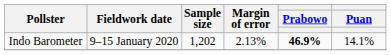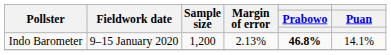 <table class="wikitable" style="text-align:center; font-size:90%; line-height:14px;">
 <tr bgcolor=lightgray>
 <th style="width:95px;" rowspan="3">Pollster</th>
 <th style="width:110px;" rowspan="3">Fieldwork date</th>
 <th style="width:35px;" rowspan="3">Sample size</th>
 <th rowspan="3" style="width:60px;">Margin of error</th>
 <th style="width:60px;"></th>
 <th style="width:60px;"></th>
 </tr>
 <tr>
 <th><a href='#'>Prabowo</a> <br></th>
 <th><a href='#'>Puan</a>  <br></th>
 </tr>
 <tr>
 <th class="unsortable" style="color:inherit;background:"></th>
 <th class="unsortable" style="color:inherit;background:"></th>
 </tr>
 <tr>
 <td>Indo Barometer</td>
 <td>9–15 January 2020</td>
-<td>1,202</td>
+<td>1,200</td>
 <td>2.13%</td>
-<td style="background-color:#"><strong>46.9%</strong></td>
+<td style="background-color:#"><strong>46.8%</strong></td>
 <td>14.1%</td>
 </tr>
 <tr>
 </tr>
 </table>
